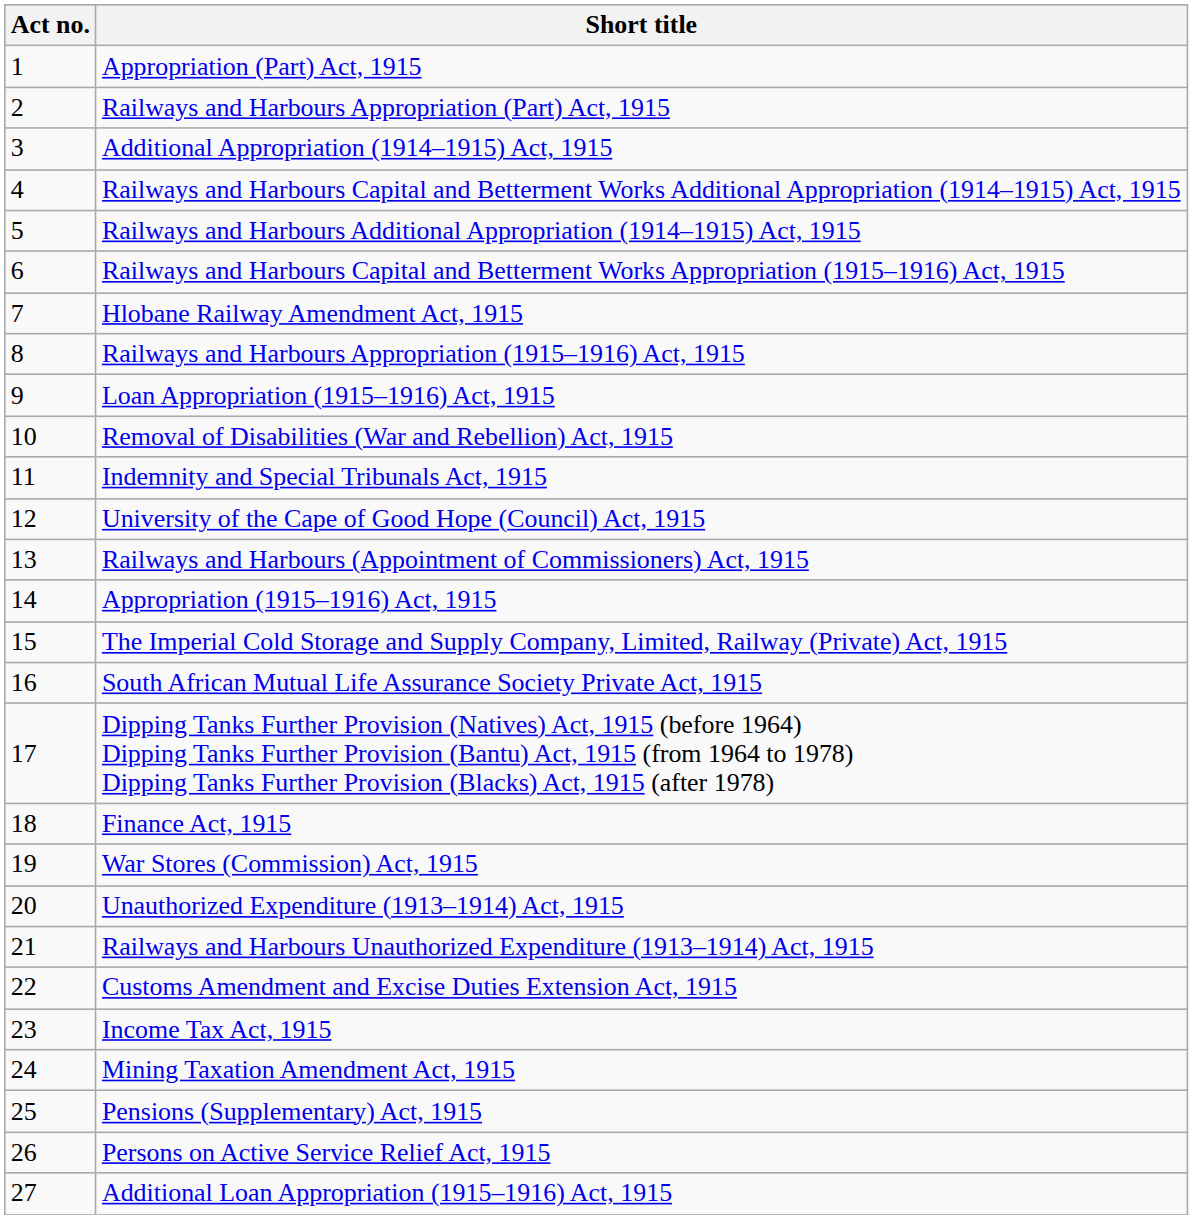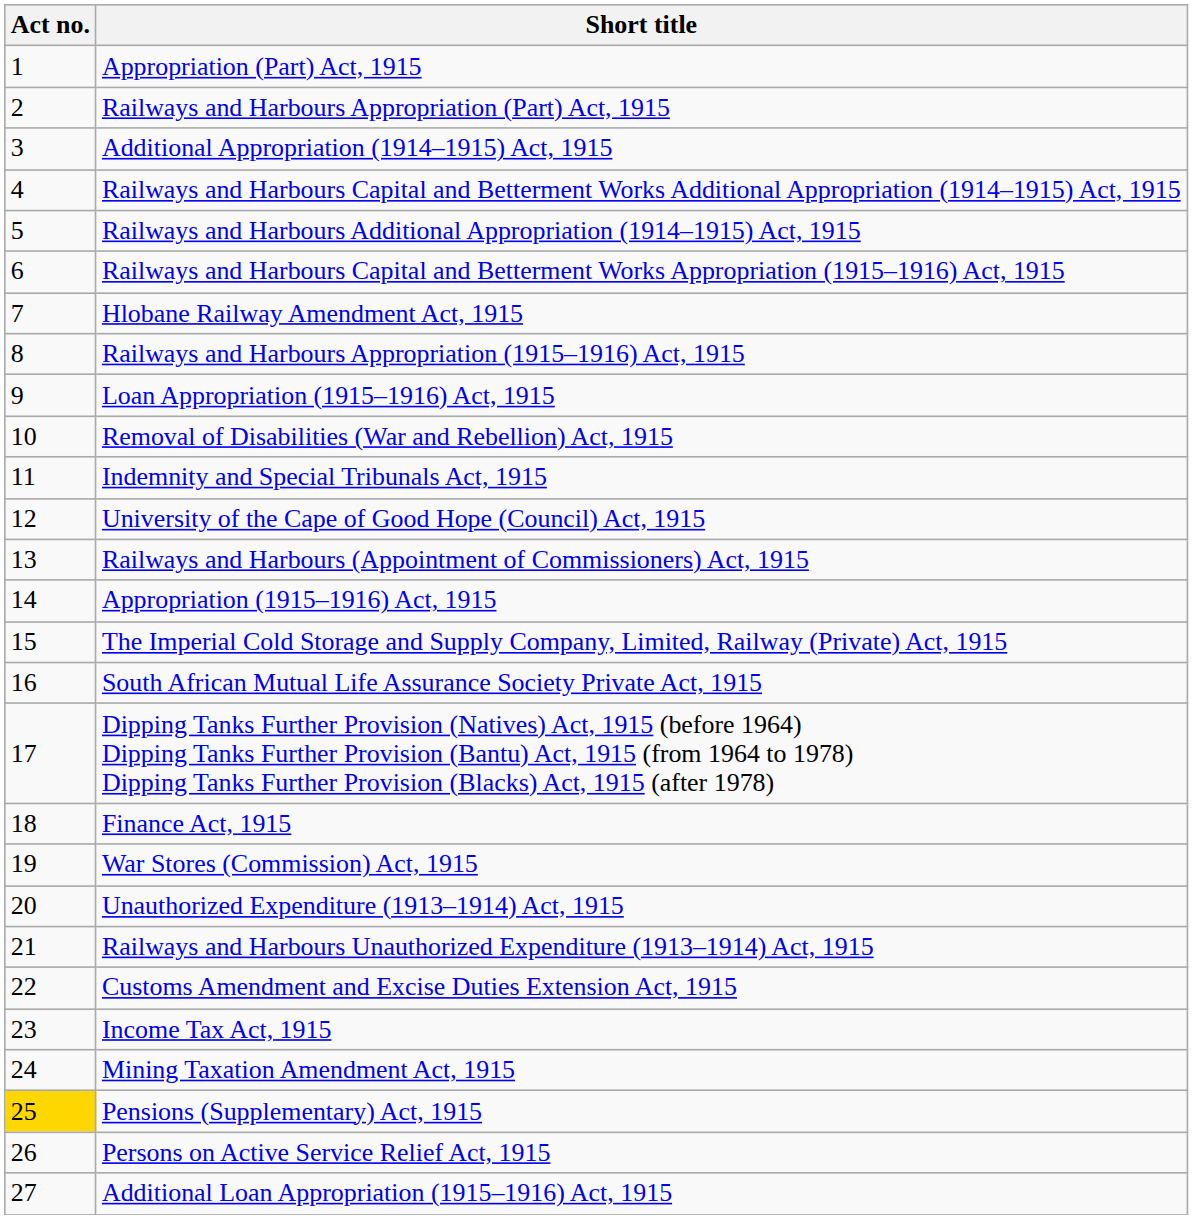 <table class="wikitable sortable">
 <tr>
 <th>Act no.</th>
 <th>Short title</th>
 </tr>
 <tr>
 <td>1</td>
 <td><a href='#'>Appropriation (Part) Act, 1915</a></td>
 </tr>
 <tr>
 <td>2</td>
 <td><a href='#'>Railways and Harbours Appropriation (Part) Act, 1915</a></td>
 </tr>
 <tr>
 <td>3</td>
 <td><a href='#'>Additional Appropriation (1914–1915) Act, 1915</a></td>
 </tr>
 <tr>
 <td>4</td>
 <td><a href='#'>Railways and Harbours Capital and Betterment Works Additional Appropriation (1914–1915) Act, 1915</a></td>
 </tr>
 <tr>
 <td>5</td>
 <td><a href='#'>Railways and Harbours Additional Appropriation (1914–1915) Act, 1915</a></td>
 </tr>
 <tr>
 <td>6</td>
 <td><a href='#'>Railways and Harbours Capital and Betterment Works Appropriation (1915–1916) Act, 1915</a></td>
 </tr>
 <tr>
 <td>7</td>
 <td><a href='#'>Hlobane Railway Amendment Act, 1915</a></td>
 </tr>
 <tr>
 <td>8</td>
 <td><a href='#'>Railways and Harbours Appropriation (1915–1916) Act, 1915</a></td>
 </tr>
 <tr>
 <td>9</td>
 <td><a href='#'>Loan Appropriation (1915–1916) Act, 1915</a></td>
 </tr>
 <tr>
 <td>10</td>
 <td><a href='#'>Removal of Disabilities (War and Rebellion) Act, 1915</a></td>
 </tr>
 <tr>
 <td>11</td>
 <td><a href='#'>Indemnity and Special Tribunals Act, 1915</a></td>
 </tr>
 <tr>
 <td>12</td>
 <td><a href='#'>University of the Cape of Good Hope (Council) Act, 1915</a></td>
 </tr>
 <tr>
 <td>13</td>
 <td><a href='#'>Railways and Harbours (Appointment of Commissioners) Act, 1915</a></td>
 </tr>
 <tr>
 <td>14</td>
 <td><a href='#'>Appropriation (1915–1916) Act, 1915</a></td>
 </tr>
 <tr>
 <td>15</td>
 <td><a href='#'>The Imperial Cold Storage and Supply Company, Limited, Railway (Private) Act, 1915</a></td>
 </tr>
 <tr>
 <td>16</td>
 <td><a href='#'>South African Mutual Life Assurance Society Private Act, 1915</a></td>
 </tr>
 <tr>
 <td>17</td>
 <td><a href='#'>Dipping Tanks Further Provision (Natives) Act, 1915</a> (before 1964) <br><a href='#'>Dipping Tanks Further Provision (Bantu) Act, 1915</a> (from 1964 to 1978) <br><a href='#'>Dipping Tanks Further Provision (Blacks) Act, 1915</a> (after 1978)</td>
 </tr>
 <tr>
 <td>18</td>
 <td><a href='#'>Finance Act, 1915</a></td>
 </tr>
 <tr>
 <td>19</td>
 <td><a href='#'>War Stores (Commission) Act, 1915</a></td>
 </tr>
 <tr>
 <td>20</td>
 <td><a href='#'>Unauthorized Expenditure (1913–1914) Act, 1915</a></td>
 </tr>
 <tr>
 <td>21</td>
 <td><a href='#'>Railways and Harbours Unauthorized Expenditure (1913–1914) Act, 1915</a></td>
 </tr>
 <tr>
 <td>22</td>
 <td><a href='#'>Customs Amendment and Excise Duties Extension Act, 1915</a></td>
 </tr>
 <tr>
 <td>23</td>
 <td><a href='#'>Income Tax Act, 1915</a></td>
 </tr>
 <tr>
 <td>24</td>
 <td><a href='#'>Mining Taxation Amendment Act, 1915</a></td>
 </tr>
 <tr>
-<td>25</td>
+<td style="background: gold;">25</td>
 <td><a href='#'>Pensions (Supplementary) Act, 1915</a></td>
 </tr>
 <tr>
 <td>26</td>
 <td><a href='#'>Persons on Active Service Relief Act, 1915</a></td>
 </tr>
 <tr>
 <td>27</td>
 <td><a href='#'>Additional Loan Appropriation (1915–1916) Act, 1915</a></td>
 </tr>
 </table>
